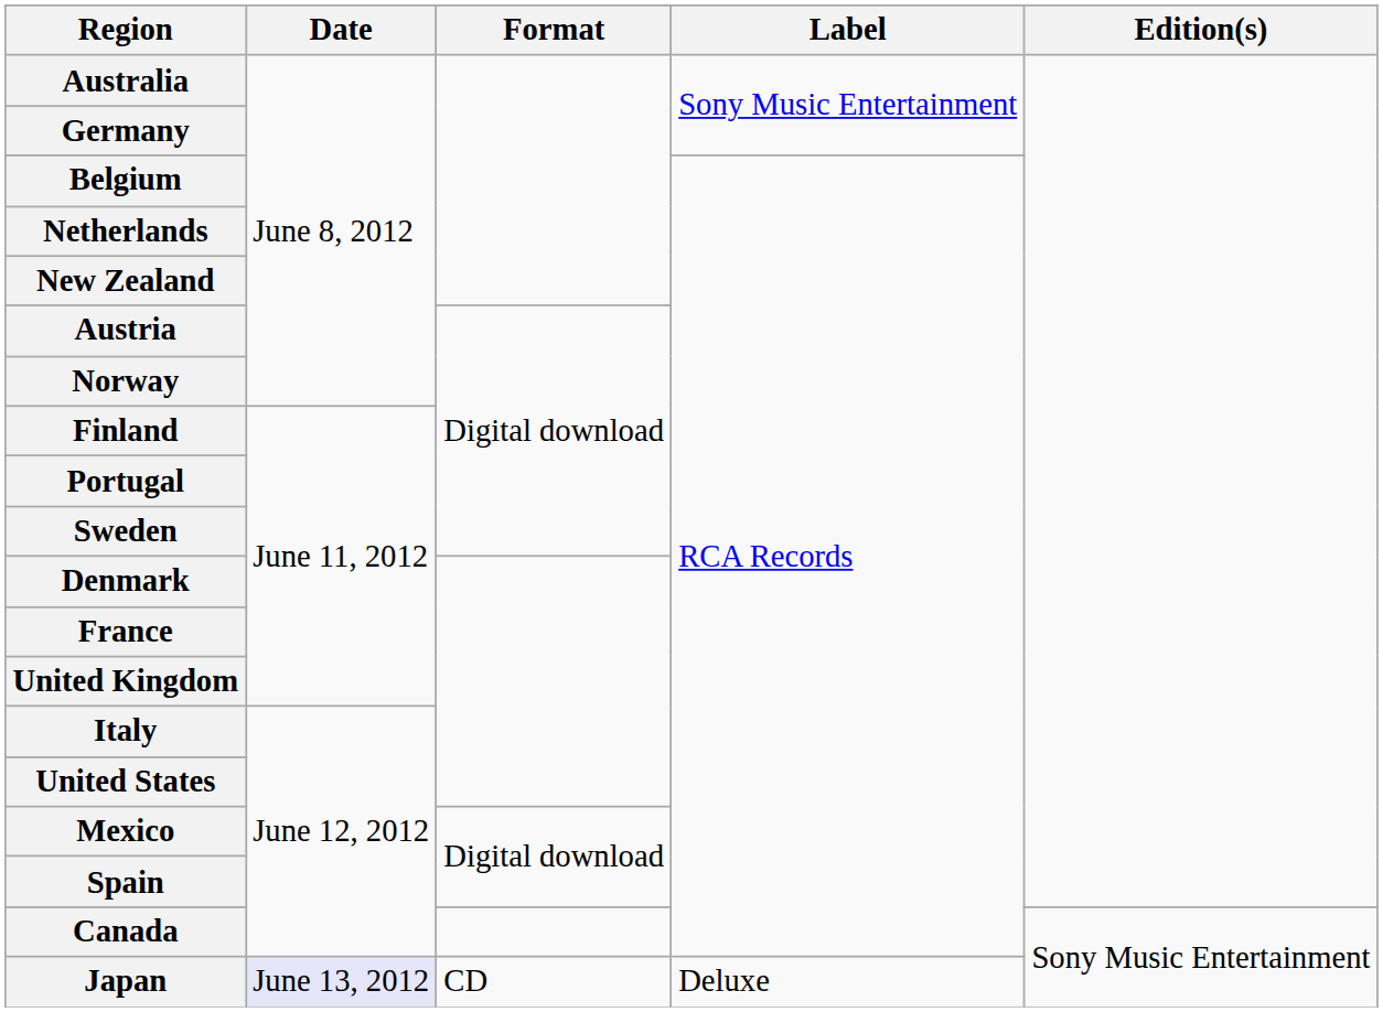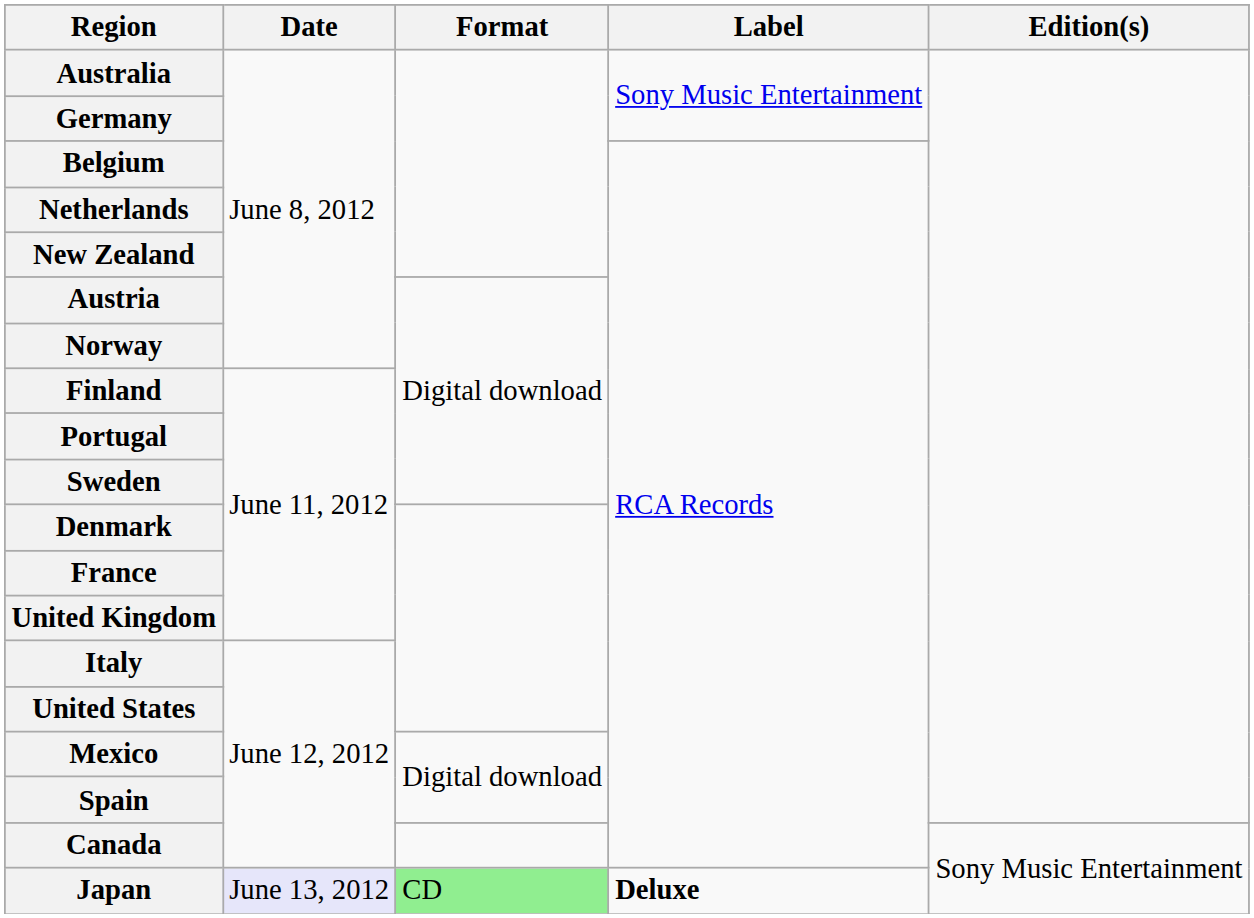 <table class="wikitable plainrowheaders">
 <tr>
 <th scope="col">Region</th>
 <th scope="col">Date</th>
 <th scope="col">Format</th>
 <th scope="col">Label</th>
 <th scope="col">Edition(s)</th>
 </tr>
 <tr>
 <th scope="row">Australia</th>
 <td rowspan="7">June 8, 2012</td>
 <td rowspan="5"></td>
 <td rowspan="2"><a href='#'>Sony Music Entertainment</a></td>
 <td rowspan="17"></td>
 </tr>
 <tr>
 <th scope="row">Germany</th>
 </tr>
 <tr>
 <th scope="row">Belgium</th>
 <td rowspan="16"><a href='#'>RCA Records</a></td>
 </tr>
 <tr>
 <th scope="row">Netherlands</th>
 </tr>
 <tr>
 <th scope="row">New Zealand</th>
 </tr>
 <tr>
 <th scope="row">Austria</th>
 <td rowspan="5">Digital download</td>
 </tr>
 <tr>
 <th scope="row">Norway</th>
 </tr>
 <tr>
 <th scope="row">Finland</th>
 <td rowspan="6">June 11, 2012</td>
 </tr>
 <tr>
 <th scope="row">Portugal</th>
 </tr>
 <tr>
 <th scope="row">Sweden</th>
 </tr>
 <tr>
 <th scope="row">Denmark</th>
 <td rowspan="5"></td>
 </tr>
 <tr>
 <th scope="row">France</th>
 </tr>
 <tr>
 <th scope="row">United Kingdom</th>
 </tr>
 <tr>
 <th scope="row">Italy</th>
 <td rowspan="5">June 12, 2012</td>
 </tr>
 <tr>
 <th scope="row">United States</th>
 </tr>
 <tr>
 <th scope="row">Mexico</th>
 <td rowspan="2">Digital download</td>
 </tr>
 <tr>
 <th scope="row">Spain</th>
 </tr>
 <tr>
 <th scope="row">Canada</th>
 <td></td>
 <td rowspan="3">Sony Music Entertainment</td>
 </tr>
 <tr>
 <th scope="row">Japan</th>
 <td style="background: lavender;">June 13, 2012</td>
-<td>CD</td>
-<td>Deluxe</td>
+<td style="background: lightgreen;">CD</td>
+<td><strong>Deluxe</strong></td>
 </tr>
 </table>
